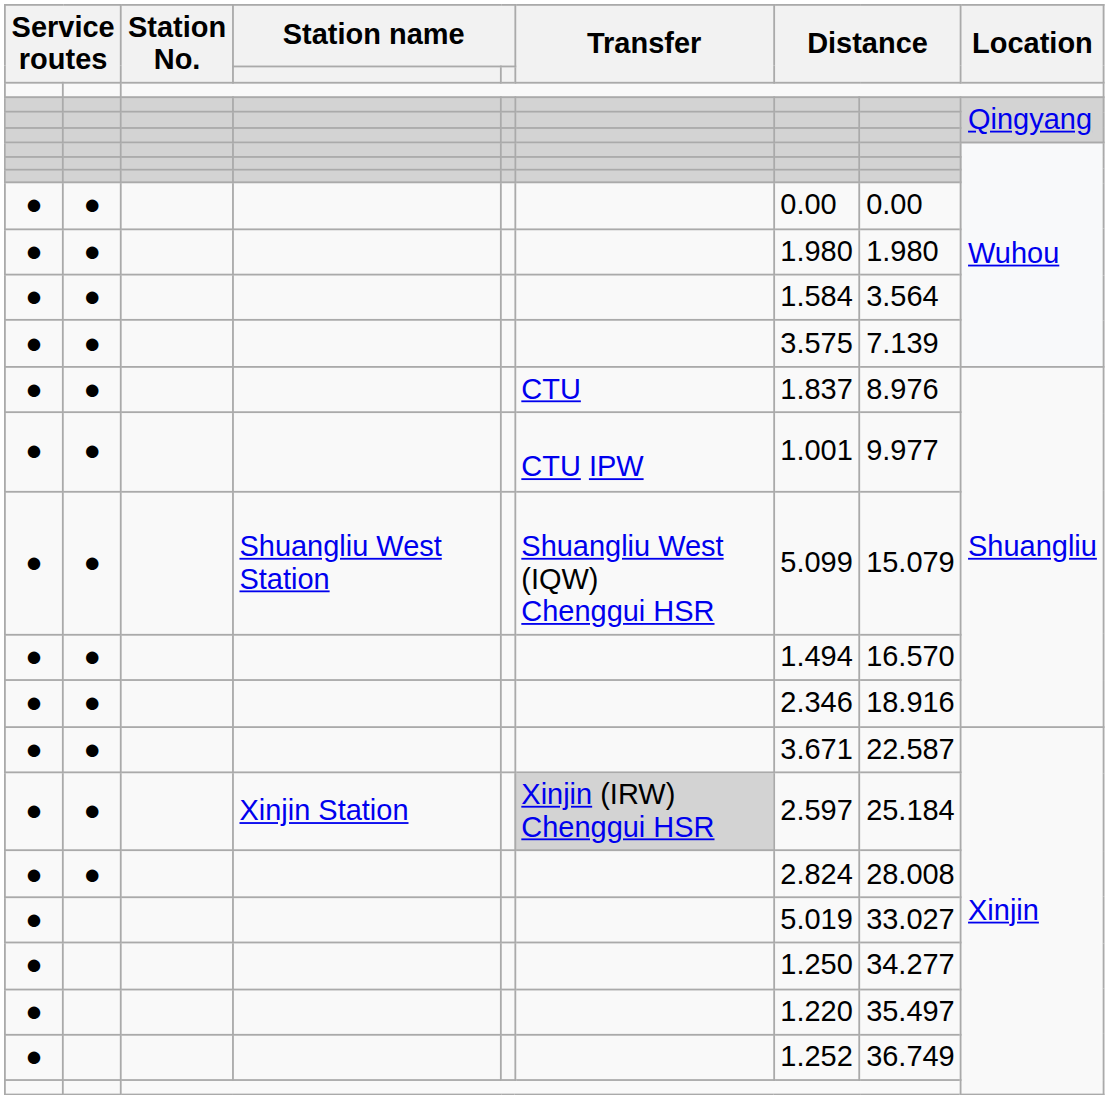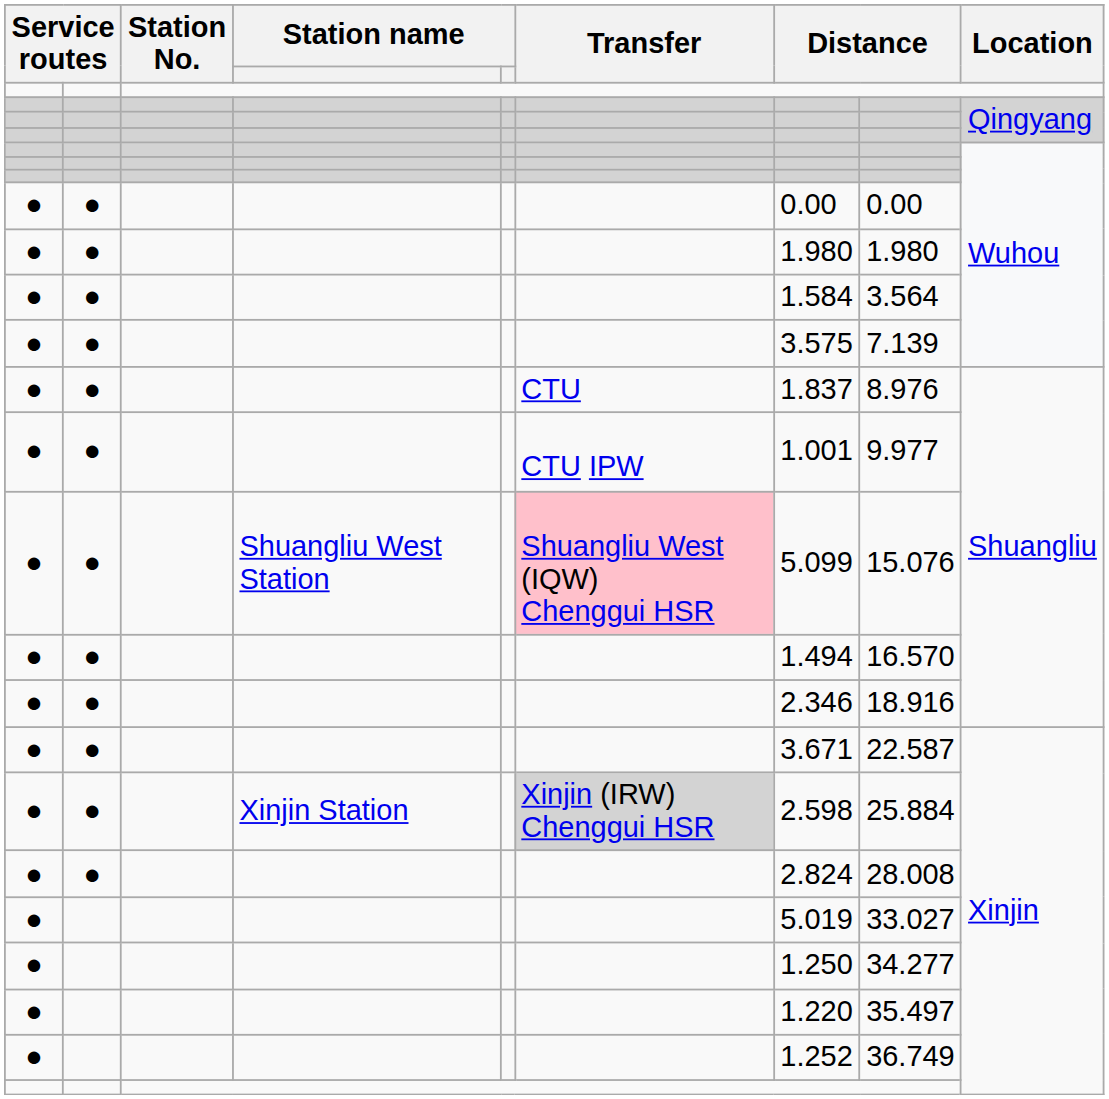 <table class="wikitable">
 <tr>
 <th colspan="2" rowspan="2">Service<br>routes</th>
 <th rowspan="2">Station<br>No.</th>
 <th colspan=2>Station name</th>
 <th rowspan=2>Transfer</th>
 <th colspan="2" rowspan="2">Distance<br></th>
 <th rowspan=2>Location</th>
 </tr>
 <tr>
 <th></th>
 <th></th>
 </tr>
 <tr style="background:#">
 <td></td>
 <td></td>
 <td colspan="7"></td>
 </tr>
 <tr bgcolor="lightgrey">
 <td></td>
 <td></td>
 <td></td>
 <td><em></em></td>
 <td></td>
 <td>  </td>
 <td></td>
 <td></td>
 <td rowspan="3"><a href='#'>Qingyang</a></td>
 </tr>
 <tr bgcolor="lightgrey">
 <td></td>
 <td></td>
 <td></td>
 <td><em></em></td>
 <td></td>
 <td> </td>
 <td></td>
 <td></td>
 </tr>
 <tr bgcolor="lightgrey">
 <td></td>
 <td></td>
 <td></td>
 <td><em></em></td>
 <td></td>
 <td></td>
 <td></td>
 <td></td>
 </tr>
 <tr bgcolor="lightgrey">
 <td></td>
 <td></td>
 <td></td>
 <td><em></em></td>
 <td></td>
 <td></td>
 <td></td>
 <td></td>
 <td rowspan="7" bgcolor=#F8F9FA><a href='#'>Wuhou</a></td>
 </tr>
 <tr bgcolor="lightgrey">
 <td></td>
 <td></td>
 <td></td>
 <td><em></em></td>
 <td></td>
 <td> </td>
 <td></td>
 <td></td>
 </tr>
 <tr bgcolor="lightgrey">
 <td></td>
 <td></td>
 <td></td>
 <td><em></em></td>
 <td></td>
 <td></td>
 <td></td>
 <td></td>
 </tr>
 <tr>
 <td align="center">●</td>
 <td align="center">●</td>
 <td></td>
 <td></td>
 <td></td>
 <td> </td>
 <td>0.00</td>
 <td>0.00</td>
 </tr>
 <tr>
 <td align="center">●</td>
 <td align="center">●</td>
 <td></td>
 <td></td>
 <td></td>
 <td></td>
 <td>1.980</td>
 <td>1.980</td>
 </tr>
 <tr>
 <td align="center">●</td>
 <td align="center">●</td>
 <td></td>
 <td></td>
 <td></td>
 <td></td>
 <td>1.584</td>
 <td>3.564</td>
 </tr>
 <tr>
 <td align="center">●</td>
 <td align="center">●</td>
 <td></td>
 <td></td>
 <td></td>
 <td></td>
 <td>3.575</td>
 <td>7.139</td>
 </tr>
 <tr>
 <td align="center">●</td>
 <td align="center">●</td>
 <td></td>
 <td></td>
 <td></td>
 <td> <a href='#'>CTU</a></td>
 <td>1.837</td>
 <td>8.976</td>
 <td rowspan="5"><a href='#'>Shuangliu</a></td>
 </tr>
 <tr>
 <td align="center">●</td>
 <td align="center">●</td>
 <td></td>
 <td></td>
 <td></td>
 <td> <br> <a href='#'>CTU</a>  <a href='#'>IPW</a></td>
 <td>1.001</td>
 <td>9.977</td>
 </tr>
 <tr>
 <td align="center">●</td>
 <td align="center">●</td>
 <td></td>
 <td><a href='#'>Shuangliu West Station</a></td>
 <td></td>
-<td><br> <a href='#'>Shuangliu West</a> (IQW)<br><a href='#'>Chenggui HSR</a></td>
+<td style="background: pink;"><br> <a href='#'>Shuangliu West</a> (IQW)<br><a href='#'>Chenggui HSR</a></td>
 <td>5.099</td>
-<td>15.079</td>
+<td>15.076</td>
 </tr>
 <tr>
 <td align="center">●</td>
 <td align="center">●</td>
 <td></td>
 <td></td>
 <td></td>
 <td></td>
 <td>1.494</td>
 <td>16.570</td>
 </tr>
 <tr>
 <td align="center">●</td>
 <td align="center">●</td>
 <td></td>
 <td></td>
 <td></td>
 <td></td>
 <td>2.346</td>
 <td>18.916</td>
 </tr>
 <tr>
 <td align="center">●</td>
 <td align="center">●</td>
 <td></td>
 <td></td>
 <td></td>
 <td></td>
 <td>3.671</td>
 <td>22.587</td>
 <td rowspan="8"><a href='#'>Xinjin</a></td>
 </tr>
 <tr>
 <td align="center">●</td>
 <td align="center">●</td>
 <td></td>
 <td><a href='#'>Xinjin Station</a></td>
 <td></td>
 <td style="background: lightgrey;"> <a href='#'>Xinjin</a> (IRW)<br><a href='#'>Chenggui HSR</a></td>
-<td>2.597</td>
-<td>25.184</td>
+<td>2.598</td>
+<td>25.884</td>
 </tr>
 <tr>
 <td align="center">●</td>
 <td align="center">●</td>
 <td></td>
 <td></td>
 <td></td>
 <td></td>
 <td>2.824</td>
 <td>28.008</td>
 </tr>
 <tr>
 <td align="center">●</td>
 <td></td>
 <td></td>
 <td></td>
 <td></td>
 <td></td>
 <td>5.019</td>
 <td>33.027</td>
 </tr>
 <tr>
 <td align="center">●</td>
 <td></td>
 <td></td>
 <td></td>
 <td></td>
 <td></td>
 <td>1.250</td>
 <td>34.277</td>
 </tr>
 <tr>
 <td align="center">●</td>
 <td></td>
 <td></td>
 <td></td>
 <td></td>
 <td></td>
 <td>1.220</td>
 <td>35.497</td>
 </tr>
 <tr>
 <td align="center">●</td>
 <td></td>
 <td></td>
 <td></td>
 <td></td>
 <td></td>
 <td>1.252</td>
 <td>36.749</td>
 </tr>
 <tr style="background:#">
 <td></td>
 <td></td>
 <td colspan="7"></td>
 </tr>
 </table>
